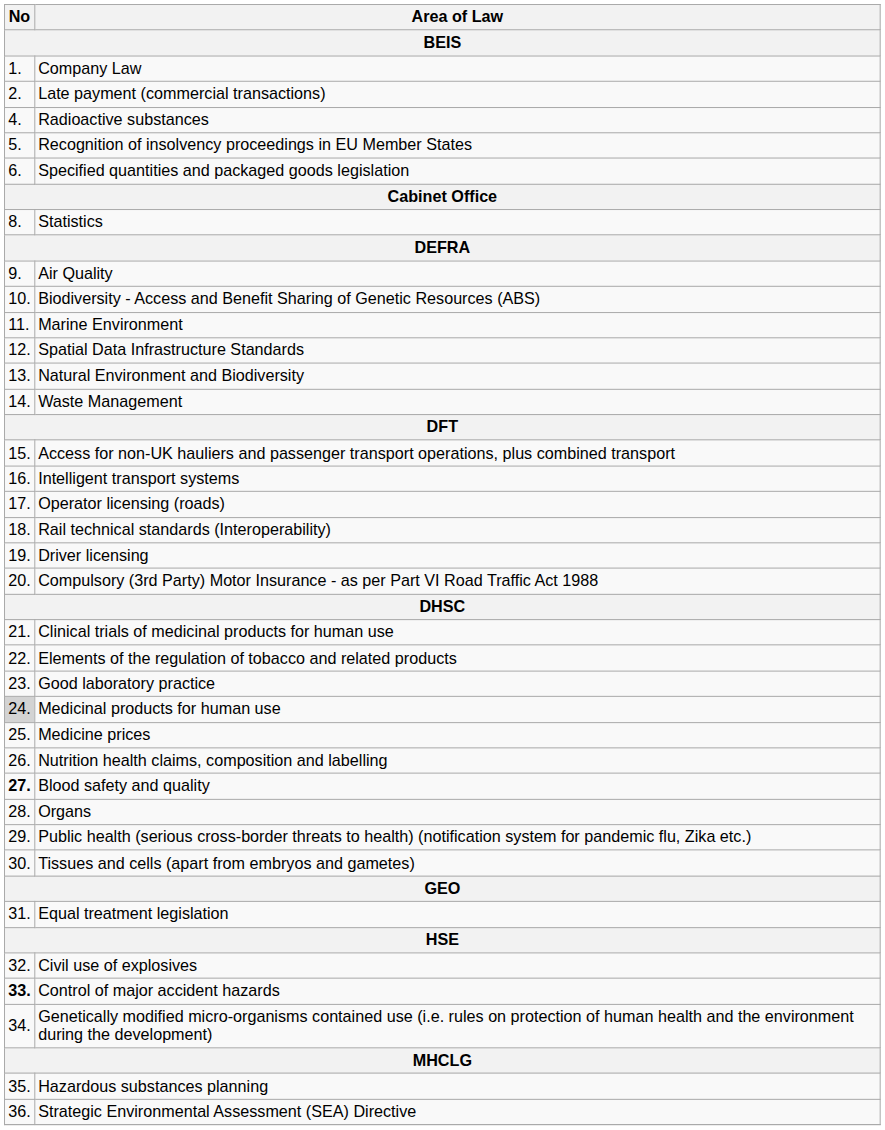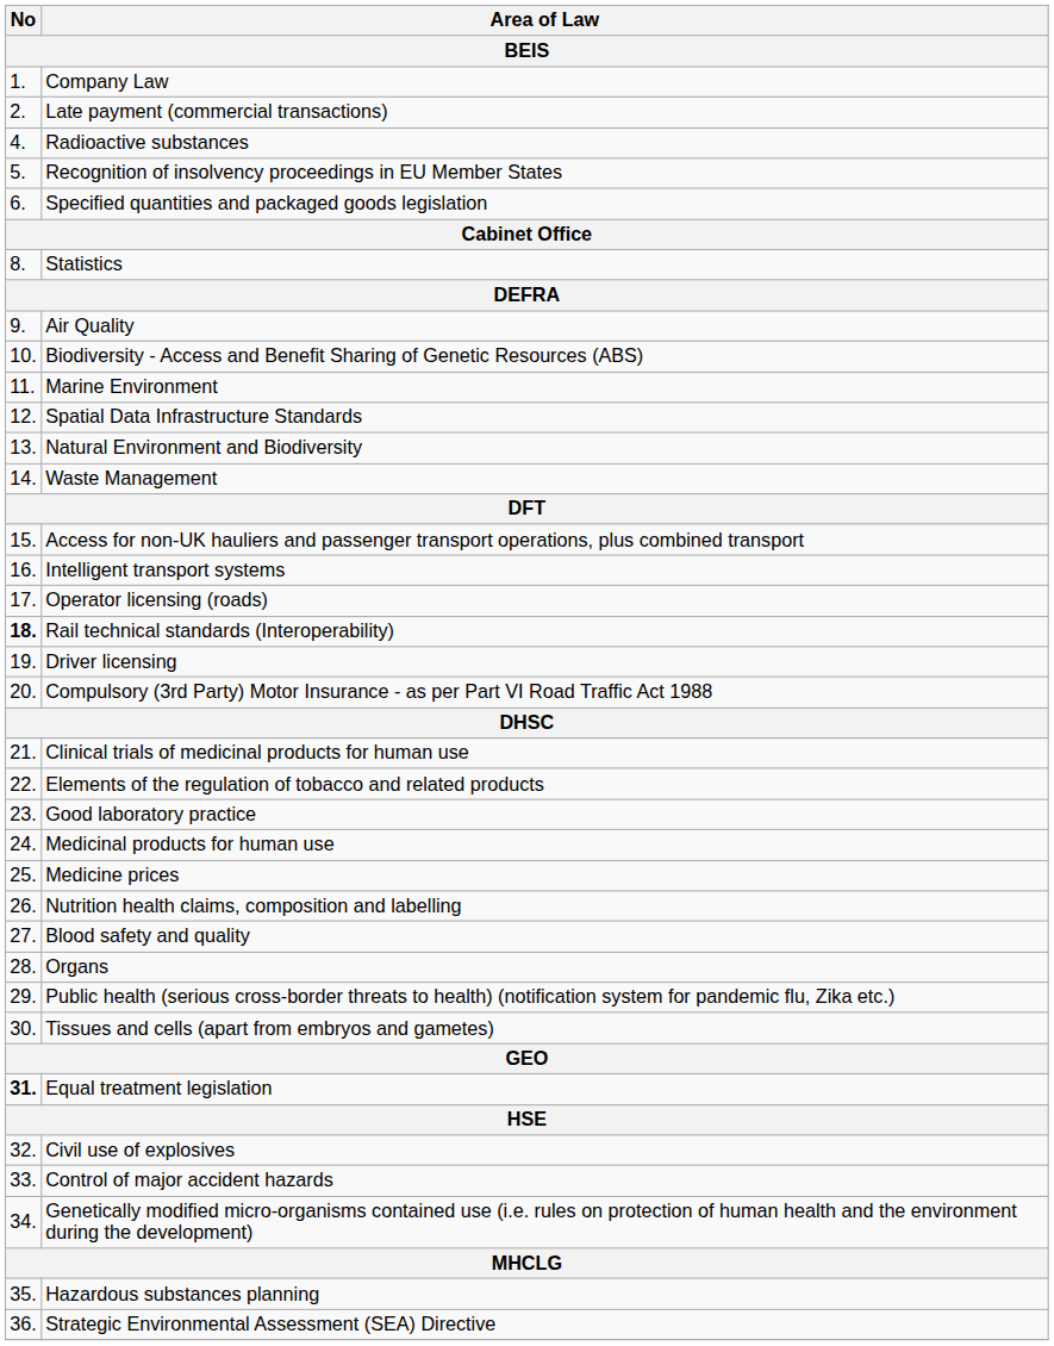 <table class="wikitable">
 <tr>
 <th>No</th>
 <th>Area of Law</th>
 </tr>
 <tr>
 <th colspan="2">BEIS</th>
 </tr>
 <tr>
 <td>1.</td>
 <td>Company Law</td>
 </tr>
 <tr>
 <td>2.</td>
 <td>Late payment (commercial transactions)</td>
 </tr>
 <tr>
 <td>4.</td>
 <td>Radioactive substances</td>
 </tr>
 <tr>
 <td>5.</td>
 <td>Recognition of insolvency proceedings in EU Member States</td>
 </tr>
 <tr>
 <td>6.</td>
 <td>Specified quantities and packaged goods legislation</td>
 </tr>
 <tr>
 <th colspan="2">Cabinet Office</th>
 </tr>
 <tr>
 <td>8.</td>
 <td>Statistics</td>
 </tr>
 <tr>
 <th colspan="2">DEFRA</th>
 </tr>
 <tr>
 <td>9.</td>
 <td>Air Quality</td>
 </tr>
 <tr>
 <td>10.</td>
 <td>Biodiversity - Access and Benefit Sharing of Genetic Resources (ABS)</td>
 </tr>
 <tr>
 <td>11.</td>
 <td>Marine Environment</td>
 </tr>
 <tr>
 <td>12.</td>
 <td>Spatial Data Infrastructure Standards</td>
 </tr>
 <tr>
 <td>13.</td>
 <td>Natural Environment and Biodiversity</td>
 </tr>
 <tr>
 <td>14.</td>
 <td>Waste Management</td>
 </tr>
 <tr>
 <th colspan="2">DFT</th>
 </tr>
 <tr>
 <td>15.</td>
 <td>Access for non-UK hauliers and passenger transport operations, plus combined transport</td>
 </tr>
 <tr>
 <td>16.</td>
 <td>Intelligent transport systems</td>
 </tr>
 <tr>
 <td>17.</td>
 <td>Operator licensing (roads)</td>
 </tr>
 <tr>
-<td>18.</td>
+<td><strong>18.</strong></td>
 <td>Rail technical standards (Interoperability)</td>
 </tr>
 <tr>
 <td>19.</td>
 <td>Driver licensing</td>
 </tr>
 <tr>
 <td>20.</td>
 <td>Compulsory (3rd Party) Motor Insurance - as per Part VI Road Traffic Act 1988</td>
 </tr>
 <tr>
 <th colspan="2">DHSC</th>
 </tr>
 <tr>
 <td>21.</td>
 <td>Clinical trials of medicinal products for human use</td>
 </tr>
 <tr>
 <td>22.</td>
 <td>Elements of the regulation of tobacco and related products</td>
 </tr>
 <tr>
 <td>23.</td>
 <td>Good laboratory practice</td>
 </tr>
 <tr>
-<td style="background: lightgrey;">24.</td>
+<td>24.</td>
 <td>Medicinal products for human use</td>
 </tr>
 <tr>
 <td>25.</td>
 <td>Medicine prices</td>
 </tr>
 <tr>
 <td>26.</td>
 <td>Nutrition health claims, composition and labelling</td>
 </tr>
 <tr>
-<td><strong>27.</strong></td>
+<td>27.</td>
 <td>Blood safety and quality</td>
 </tr>
 <tr>
 <td>28.</td>
 <td>Organs</td>
 </tr>
 <tr>
 <td>29.</td>
 <td>Public health (serious cross-border threats to health) (notification system for pandemic flu, Zika etc.)</td>
 </tr>
 <tr>
 <td>30.</td>
 <td>Tissues and cells (apart from embryos and gametes)</td>
 </tr>
 <tr>
 <th colspan="2">GEO</th>
 </tr>
 <tr>
-<td>31.</td>
+<td><strong>31.</strong></td>
 <td>Equal treatment legislation</td>
 </tr>
 <tr>
 <th colspan="2">HSE</th>
 </tr>
 <tr>
 <td>32.</td>
 <td>Civil use of explosives</td>
 </tr>
 <tr>
-<td><strong>33.</strong></td>
+<td>33.</td>
 <td>Control of major accident hazards</td>
 </tr>
 <tr>
 <td>34.</td>
 <td>Genetically modified micro-organisms contained use (i.e. rules on protection of human health and the environment during the development)</td>
 </tr>
 <tr>
 <th colspan="2">MHCLG</th>
 </tr>
 <tr>
 <td>35.</td>
 <td>Hazardous substances planning</td>
 </tr>
 <tr>
 <td>36.</td>
 <td>Strategic Environmental Assessment (SEA) Directive</td>
 </tr>
 <tr>
 </tr>
 </table>
